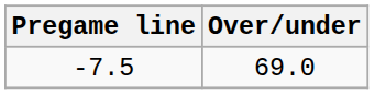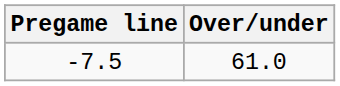 <table class="wikitable" style="margin-left: auto; margin-right: auto; border: none; display: inline-table;">
 <tr align="center">
 <th style=>Pregame line</th>
 <th style=>Over/under</th>
 </tr>
 <tr align="center">
 <td>-7.5</td>
-<td>69.0</td>
+<td>61.0</td>
 </tr>
 </table>
